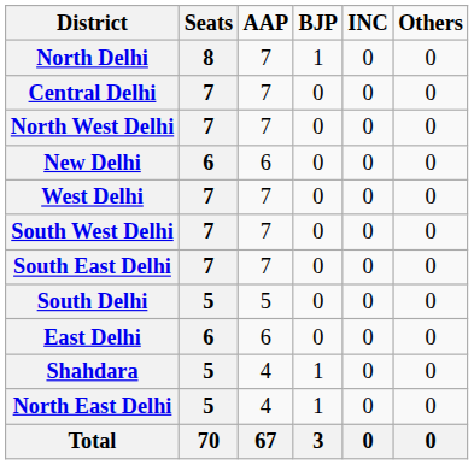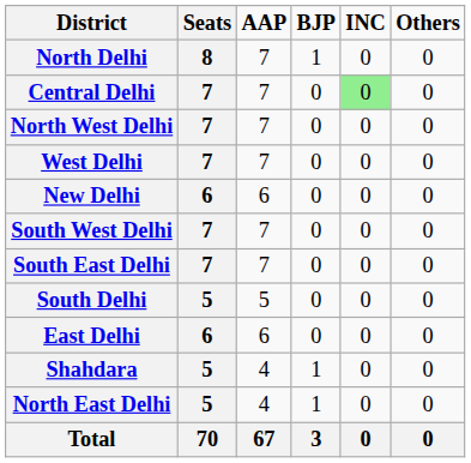 <table class="wikitable sortable" style="text-align:center;">
 <tr>
 <th>District</th>
 <th>Seats</th>
 <td><span><strong>AAP</strong></span></td>
 <td><span><strong>BJP</strong></span></td>
 <td><span><strong>INC</strong></span></td>
 <td><span><strong>Others</strong></span></td>
 </tr>
 <tr>
 <th><a href='#'>North Delhi</a></th>
 <th>8</th>
 <td style="background:">7</td>
 <td>1</td>
 <td>0</td>
 <td>0</td>
 </tr>
 <tr>
 <th><a href='#'>Central Delhi</a></th>
 <th>7</th>
 <td style="background:">7</td>
 <td>0</td>
-<td>0</td>
+<td style="background: lightgreen;">0</td>
 <td>0</td>
 </tr>
 <tr>
 <th><a href='#'>North West Delhi</a></th>
 <th>7</th>
 <td style="background:">7</td>
 <td>0</td>
 <td>0</td>
 <td>0</td>
 </tr>
 <tr>
-<th><a href='#'>New Delhi</a></th>
-<th>6</th>
-<td style="background:">6</td>
+<th><a href='#'>West Delhi</a></th>
+<th>7</th>
+<td style="background:">7</td>
 <td>0</td>
 <td>0</td>
 <td>0</td>
 </tr>
 <tr>
-<th><a href='#'>West Delhi</a></th>
-<th>7</th>
-<td style="background:">7</td>
+<th><a href='#'>New Delhi</a></th>
+<th>6</th>
+<td style="background:">6</td>
 <td>0</td>
 <td>0</td>
 <td>0</td>
 </tr>
 <tr>
 <th><a href='#'>South West Delhi</a></th>
 <th>7</th>
 <td style="background:">7</td>
 <td>0</td>
 <td>0</td>
 <td>0</td>
 </tr>
 <tr>
 <th><a href='#'>South East Delhi</a></th>
 <th>7</th>
 <td style="background:">7</td>
 <td>0</td>
 <td>0</td>
 <td>0</td>
 </tr>
 <tr>
 <th><a href='#'>South Delhi</a></th>
 <th>5</th>
 <td style="background:">5</td>
 <td>0</td>
 <td>0</td>
 <td>0</td>
 </tr>
 <tr>
 <th><a href='#'>East Delhi</a></th>
 <th>6</th>
 <td style="background:">6</td>
 <td>0</td>
 <td>0</td>
 <td>0</td>
 </tr>
 <tr>
 <th><a href='#'>Shahdara</a></th>
 <th>5</th>
 <td style="background:">4</td>
 <td>1</td>
 <td>0</td>
 <td>0</td>
 </tr>
 <tr>
 <th><a href='#'>North East Delhi</a></th>
 <th>5</th>
 <td style="background:">4</td>
 <td>1</td>
 <td>0</td>
 <td>0</td>
 </tr>
 <tr>
 <th>Total</th>
 <th>70</th>
 <th>67</th>
 <th>3</th>
 <th>0</th>
 <th>0</th>
 </tr>
 </table>
